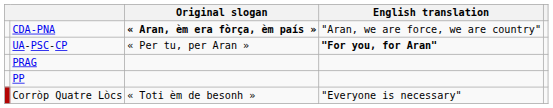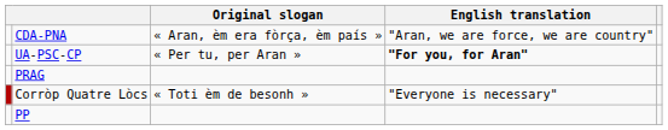 <table class="wikitable" style="text-align:left;">
 <tr>
 <th style="text-align:left;" colspan="2"></th>
 <th>Original slogan</th>
 <th>English translation</th>
 <th></th>
 </tr>
 <tr>
 <td width="1" style="color:inherit;background:"></td>
 <td><a href='#'>CDA-PNA</a></td>
-<td><strong>« Aran, èm era fòrça, èm país  »</strong></td>
+<td>« Aran, èm era fòrça, èm país  »</td>
 <td>"Aran, we are force, we are country"</td>
 <td></td>
 </tr>
 <tr>
 <td style="color:inherit;background:"></td>
 <td><a href='#'>UA</a>-<a href='#'>PSC</a>-<a href='#'>CP</a></td>
 <td>« Per tu, per Aran »</td>
 <td><strong>"For you, for Aran"</strong></td>
 <td></td>
 </tr>
 <tr>
 <td style="color:inherit;background:"></td>
 <td><a href='#'>PRAG</a></td>
 <td></td>
 <td></td>
 <td></td>
 </tr>
 <tr>
+<td style="color:inherit;background:#B40404"></td>
+<td>Corròp Quatre Lòcs</td>
+<td>« Toti èm de besonh  »</td>
+<td>"Everyone is necessary"</td>
+<td></td>
+</tr>
+<tr>
 <td style="color:inherit;background:"></td>
 <td><a href='#'>PP</a></td>
 <td></td>
 <td></td>
 <td></td>
 </tr>
-<tr>
-<td style="color:inherit;background:#B40404"></td>
-<td>Corròp Quatre Lòcs</td>
-<td>« Toti èm de besonh  »</td>
-<td>"Everyone is necessary"</td>
-<td></td>
-</tr>
 </table>
